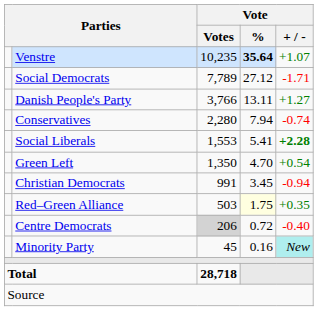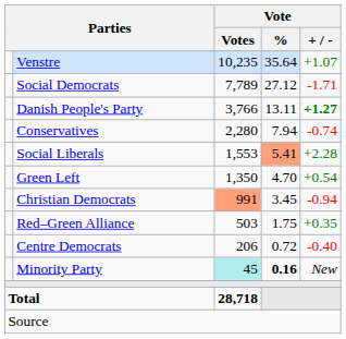 <table class="wikitable" style="text-align:right;">
 <tr>
 <th style="text-align:centre;" rowspan="2" colspan="2" width="225">Parties</th>
 <th colspan="3">Vote</th>
 </tr>
 <tr>
 <th width="15">Votes</th>
 <th width="15">%</th>
 <th width="15">+ / -</th>
 </tr>
 <tr>
 <td width="2" style="color:inherit;background:"></td>
 <td bgcolor=#cfe5fe  align="left"><a href='#'>Venstre</a></td>
 <td bgcolor=#cfe5fe>10,235</td>
-<td bgcolor=#cfe5fe><strong>35.64</strong></td>
+<td bgcolor=#cfe5fe>35.64</td>
 <td style=color:green;>+1.07</td>
 </tr>
 <tr>
 <td width="2" style="color:inherit;background:"></td>
 <td align="left"><a href='#'>Social Democrats</a></td>
 <td>7,789</td>
 <td>27.12</td>
 <td style=color:red;>-1.71</td>
 </tr>
 <tr>
 <td width="2" style="color:inherit;background:"></td>
 <td align="left"><a href='#'>Danish People's Party</a></td>
 <td>3,766</td>
 <td>13.11</td>
-<td style=color:green;>+1.27</td>
+<td style=color:green;><strong>+1.27</strong></td>
 </tr>
 <tr>
 <td width="2" style="color:inherit;background:"></td>
 <td align="left"><a href='#'>Conservatives</a></td>
 <td>2,280</td>
 <td>7.94</td>
 <td style=color:red;>-0.74</td>
 </tr>
 <tr>
 <td width="2" style="color:inherit;background:"></td>
 <td align="left"><a href='#'>Social Liberals</a></td>
 <td>1,553</td>
-<td>5.41</td>
-<td style=color:green;><strong>+2.28</strong></td>
+<td style="background: lightsalmon;">5.41</td>
+<td style=color:green;>+2.28</td>
 </tr>
 <tr>
 <td width="2" style="color:inherit;background:"></td>
 <td align="left"><a href='#'>Green Left</a></td>
 <td>1,350</td>
 <td>4.70</td>
 <td style=color:green;>+0.54</td>
 </tr>
 <tr>
 <td width="2" style="color:inherit;background:"></td>
 <td align="left"><a href='#'>Christian Democrats</a></td>
-<td>991</td>
+<td style="background: lightsalmon;">991</td>
 <td>3.45</td>
 <td style=color:red;>-0.94</td>
 </tr>
 <tr>
 <td width="2" style="color:inherit;background:"></td>
 <td align="left"><a href='#'>Red–Green Alliance</a></td>
 <td>503</td>
-<td style="background: lightyellow;">1.75</td>
+<td>1.75</td>
 <td style=color:green;>+0.35</td>
 </tr>
 <tr>
 <td width="2" style="color:inherit;background:"></td>
 <td align="left"><a href='#'>Centre Democrats</a></td>
-<td style="background: lightgrey;">206</td>
+<td>206</td>
 <td>0.72</td>
 <td style=color:red;>-0.40</td>
 </tr>
 <tr>
 <td width="2" style="color:inherit;background:"></td>
 <td align="left"><a href='#'>Minority Party</a></td>
-<td>45</td>
-<td>0.16</td>
-<td style="background: paleturquoise;"><em>New</em></td>
+<td style="background: paleturquoise;">45</td>
+<td><strong>0.16</strong></td>
+<td><em>New</em></td>
 </tr>
 <tr>
 <td colspan="7" bgcolor="#E9E9E9"></td>
 </tr>
 <tr>
 <td align="left" colspan="2"><strong>Total</strong></td>
 <td><strong>28,718</strong></td>
 <td bgcolor="#E9E9E9" colspan="2"></td>
 </tr>
 <tr>
 <td align="left" colspan="6">Source</td>
 </tr>
 </table>
